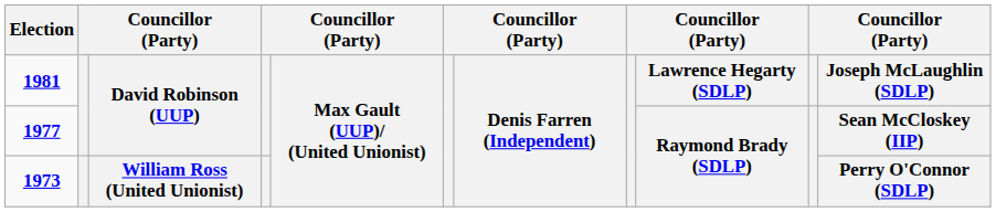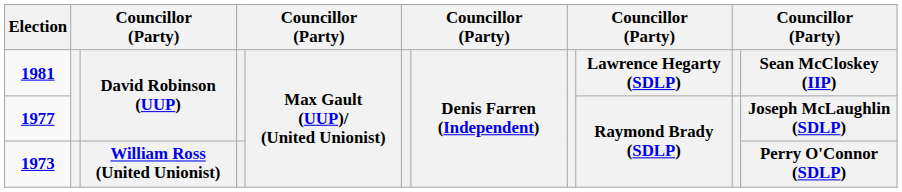 <table class="wikitable" style="text-align:center">
 <tr>
 <th scope="col" width="50">Election</th>
 <th scope="col" width="150" colspan = "2">Councillor<br> (Party)</th>
 <th scope="col" width="150" colspan = "2">Councillor<br> (Party)</th>
 <th scope="col" width="150" colspan = "2">Councillor<br> (Party)</th>
 <th scope="col" width="150" colspan = "2">Councillor<br> (Party)</th>
 <th scope="col" width="150" colspan = "2">Councillor<br> (Party)</th>
 </tr>
 <tr>
 <td><strong><a href='#'>1981</a></strong></td>
 <th rowspan="2" width="1" style="background-color: "></th>
 <th rowspan = "2">David Robinson <br> (<a href='#'>UUP</a>)</th>
 <th rowspan="2" width="1" style="background-color: "></th>
 <th rowspan = "3">Max Gault <br> (<a href='#'>UUP</a>)/ <br> (United Unionist)</th>
 <th rowspan="3" width="1" style="background-color: "></th>
 <th rowspan = "3">Denis Farren <br> (<a href='#'>Independent</a>)</th>
 <th rowspan="3" width="1" style="background-color: "></th>
 <th rowspan = "1">Lawrence Hegarty <br> (<a href='#'>SDLP</a>)</th>
 <th rowspan="1" width="1" style="background-color: "></th>
-<th rowspan = "1">Joseph McLaughlin <br> (<a href='#'>SDLP</a>)</th>
+<th rowspan = "1">Sean McCloskey <br> (<a href='#'>IIP</a>)</th>
 </tr>
 <tr>
 <td><strong><a href='#'>1977</a></strong></td>
 <th rowspan = "2">Raymond Brady <br> (<a href='#'>SDLP</a>)</th>
 <th rowspan="2" width="1" style="background-color: "></th>
-<th rowspan = "1">Sean McCloskey <br> (<a href='#'>IIP</a>)</th>
+<th rowspan = "1">Joseph McLaughlin <br> (<a href='#'>SDLP</a>)</th>
 </tr>
 <tr>
 <td><strong><a href='#'>1973</a></strong></td>
 <th rowspan="1" width="1" style="background-color: "></th>
 <th rowspan = "1"><a href='#'>William Ross</a> <br> (United Unionist)</th>
 <th rowspan="1" width="1" style="background-color: "></th>
 <th rowspan = "1">Perry O'Connor <br> (<a href='#'>SDLP</a>)</th>
 </tr>
 </table>
